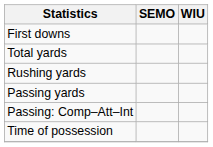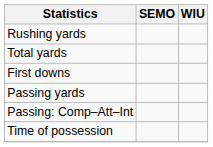 <table class="wikitable" style="float: left;">
 <tr>
 <th>Statistics</th>
 <th>SEMO</th>
 <th>WIU</th>
 </tr>
 <tr>
-<td>First downs</td>
+<td>Rushing yards</td>
 <td></td>
 <td></td>
 </tr>
 <tr>
 <td>Total yards</td>
 <td></td>
 <td></td>
 </tr>
 <tr>
-<td>Rushing yards</td>
+<td>First downs</td>
 <td></td>
 <td></td>
 </tr>
 <tr>
 <td>Passing yards</td>
 <td></td>
 <td></td>
 </tr>
 <tr>
 <td>Passing: Comp–Att–Int</td>
 <td></td>
 <td></td>
 </tr>
 <tr>
 <td>Time of possession</td>
 <td></td>
 <td></td>
 </tr>
 <tr>
 </tr>
 </table>
